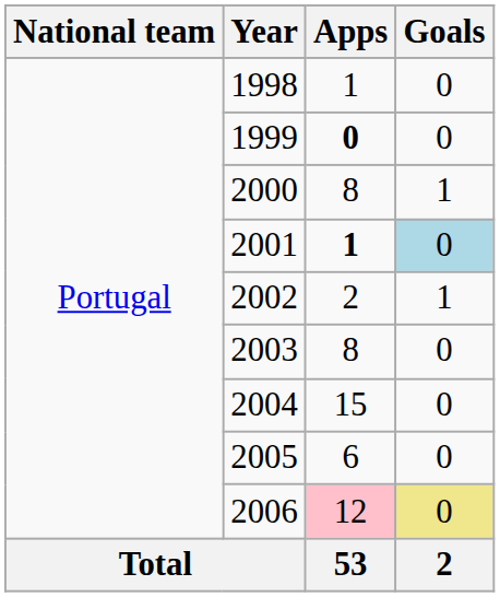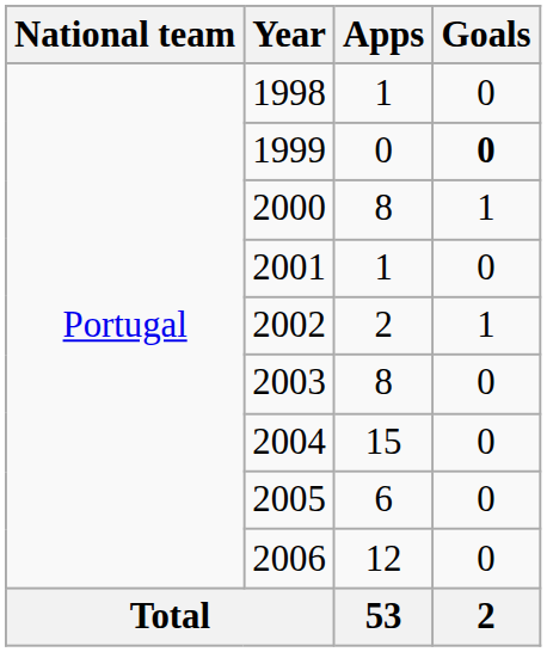 <table class="wikitable" style="text-align:center">
 <tr>
 <th>National team</th>
 <th>Year</th>
 <th>Apps</th>
 <th>Goals</th>
 </tr>
 <tr>
 <td rowspan="9"><a href='#'>Portugal</a></td>
 <td>1998</td>
 <td>1</td>
 <td>0</td>
 </tr>
 <tr>
 <td>1999</td>
+<td>0</td>
 <td><strong>0</strong></td>
-<td>0</td>
 </tr>
 <tr>
 <td>2000</td>
 <td>8</td>
 <td>1</td>
 </tr>
 <tr>
 <td>2001</td>
-<td><strong>1</strong></td>
-<td style="background: lightblue;">0</td>
+<td>1</td>
+<td>0</td>
 </tr>
 <tr>
 <td>2002</td>
 <td>2</td>
 <td>1</td>
 </tr>
 <tr>
 <td>2003</td>
 <td>8</td>
 <td>0</td>
 </tr>
 <tr>
 <td>2004</td>
 <td>15</td>
 <td>0</td>
 </tr>
 <tr>
 <td>2005</td>
 <td>6</td>
 <td>0</td>
 </tr>
 <tr>
 <td>2006</td>
-<td style="background: pink;">12</td>
-<td style="background: khaki;">0</td>
+<td>12</td>
+<td>0</td>
 </tr>
 <tr>
 <th colspan="2">Total</th>
 <th>53</th>
 <th>2</th>
 </tr>
 </table>
